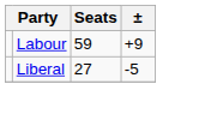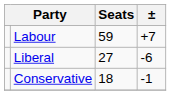 <table class="wikitable">
 <tr>
 <th colspan="2">Party</th>
 <th>Seats</th>
 <th>  ±  </th>
 </tr>
 <tr>
 <td style="background-color: "></td>
 <td><a href='#'>Labour</a></td>
 <td>59</td>
-<td>+9</td>
+<td>+7</td>
 </tr>
 <tr>
 <td style="background-color: "></td>
 <td><a href='#'>Liberal</a></td>
 <td>27</td>
-<td>-5</td>
+<td>-6</td>
+</tr>
+<tr>
+<td style="background-color: "></td>
+<td><a href='#'>Conservative</a></td>
+<td>18</td>
+<td>-1</td>
 </tr>
 <tr>
 </tr>
 </table>
